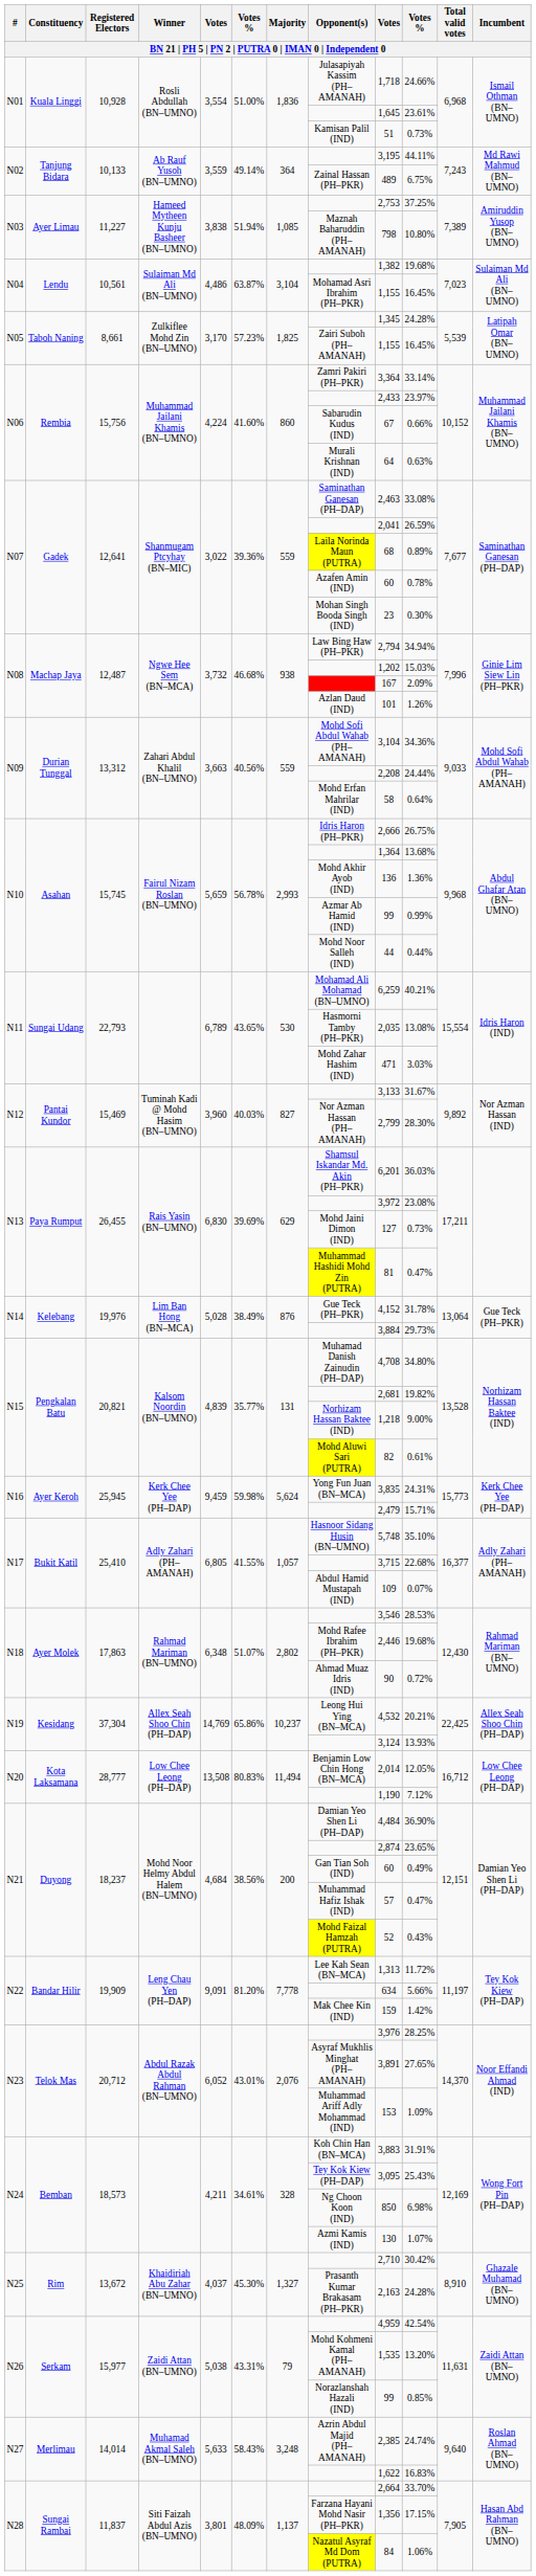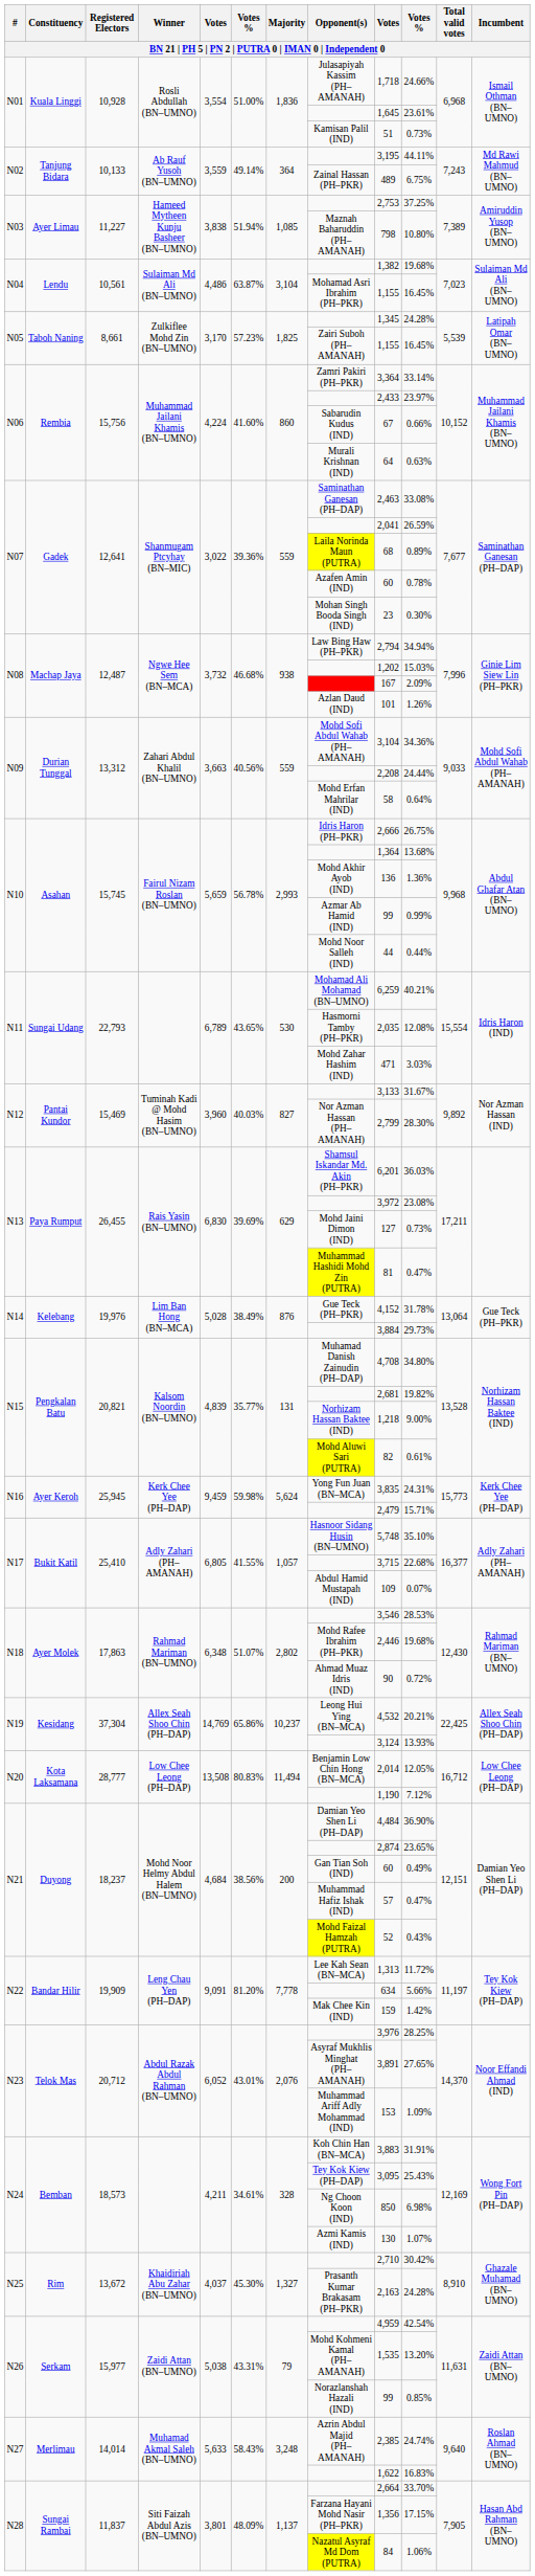 <table class="wikitable sortable" style">
 <tr>
 <th>#</th>
 <th>Constituency</th>
 <th>Registered Electors</th>
 <th>Winner</th>
 <th>Votes</th>
 <th>Votes %</th>
 <th>Majority</th>
 <th>Opponent(s)</th>
 <th>Votes</th>
 <th>Votes %</th>
 <th>Total valid votes</th>
 <th>Incumbent</th>
 </tr>
 <tr>
 <th colspan="14"><a href='#'>BN</a> <strong>21</strong> | <a href='#'>PH</a> <strong>5</strong> | <a href='#'>PN</a> <strong>2</strong> | <a href='#'>PUTRA</a> <strong>0</strong> | <a href='#'>IMAN</a> <strong>0</strong> | <a href='#'>Independent</a> <strong>0</strong></th>
 </tr>
 <tr align="center">
 <td rowspan=3>N01</td>
 <td rowspan=3><a href='#'>Kuala Linggi</a></td>
 <td rowspan=3>10,928</td>
 <td rowspan=3>Rosli Abdullah<br>(BN–UMNO)</td>
 <td rowspan=3>3,554</td>
 <td rowspan=3>51.00%</td>
 <td rowspan=3>1,836</td>
 <td>Julasapiyah Kassim<br>(PH–AMANAH)</td>
 <td>1,718</td>
 <td>24.66%</td>
 <td rowspan=3>6,968</td>
 <td rowspan=3><a href='#'>Ismail Othman</a><br>(BN–UMNO)</td>
 </tr>
 <tr align="center">
 <td></td>
 <td>1,645</td>
 <td>23.61%</td>
 </tr>
 <tr align="center">
 <td>Kamisan Palil<br>(IND)</td>
 <td>51</td>
 <td>0.73%</td>
 </tr>
 <tr align="center">
 <td rowspan=2>N02</td>
 <td rowspan=2><a href='#'>Tanjung Bidara</a></td>
 <td rowspan=2>10,133</td>
 <td rowspan=2><a href='#'>Ab Rauf Yusoh</a><br>(BN–UMNO)</td>
 <td rowspan=2>3,559</td>
 <td rowspan=2>49.14%</td>
 <td rowspan=2>364</td>
 <td><br></td>
 <td>3,195</td>
 <td>44.11%</td>
 <td rowspan=2>7,243</td>
 <td rowspan=2><a href='#'>Md Rawi Mahmud</a><br>(BN–UMNO)</td>
 </tr>
 <tr align="center">
 <td>Zainal Hassan<br>(PH–PKR)</td>
 <td>489</td>
 <td>6.75%</td>
 </tr>
 <tr align="center">
 <td rowspan=2>N03</td>
 <td rowspan=2><a href='#'>Ayer Limau</a></td>
 <td rowspan=2>11,227</td>
 <td rowspan=2><a href='#'>Hameed Mytheen Kunju Basheer</a><br>(BN–UMNO)</td>
 <td rowspan=2>3,838</td>
 <td rowspan=2>51.94%</td>
 <td rowspan=2>1,085</td>
 <td></td>
 <td>2,753</td>
 <td>37.25%</td>
 <td rowspan=2>7,389</td>
 <td rowspan=2><a href='#'>Amiruddin Yusop</a><br>(BN–UMNO)</td>
 </tr>
 <tr align="center">
 <td>Maznah Baharuddin<br>(PH–AMANAH)</td>
 <td>798</td>
 <td>10.80%</td>
 </tr>
 <tr align="center">
 <td rowspan=2>N04</td>
 <td rowspan=2><a href='#'>Lendu</a></td>
 <td rowspan=2>10,561</td>
 <td rowspan=2><a href='#'>Sulaiman Md Ali</a><br>(BN–UMNO)</td>
 <td rowspan=2>4,486</td>
 <td rowspan=2>63.87%</td>
 <td rowspan=2>3,104</td>
 <td></td>
 <td>1,382</td>
 <td>19.68%</td>
 <td rowspan=2>7,023</td>
 <td rowspan=2><a href='#'>Sulaiman Md Ali</a><br>(BN–UMNO)</td>
 </tr>
 <tr align="center">
 <td>Mohamad Asri Ibrahim<br>(PH–PKR)</td>
 <td>1,155</td>
 <td>16.45%</td>
 </tr>
 <tr align="center">
 <td rowspan=2>N05</td>
 <td rowspan=2><a href='#'>Taboh Naning</a></td>
 <td rowspan=2>8,661</td>
 <td rowspan=2>Zulkiflee Mohd Zin<br>(BN–UMNO)</td>
 <td rowspan=2>3,170</td>
 <td rowspan=2>57.23%</td>
 <td rowspan=2>1,825</td>
 <td></td>
 <td>1,345</td>
 <td>24.28%</td>
 <td rowspan=2>5,539</td>
 <td rowspan=2><a href='#'>Latipah Omar</a><br>(BN–UMNO)</td>
 </tr>
 <tr align="center">
 <td>Zairi Suboh<br>(PH–AMANAH)</td>
 <td>1,155</td>
 <td>16.45%</td>
 </tr>
 <tr align="center">
 <td rowspan=4>N06</td>
 <td rowspan=4><a href='#'>Rembia</a></td>
 <td rowspan=4>15,756</td>
 <td rowspan=4><a href='#'>Muhammad Jailani Khamis</a><br>(BN–UMNO)</td>
 <td rowspan=4>4,224</td>
 <td rowspan=4>41.60%</td>
 <td rowspan=4>860</td>
 <td>Zamri Pakiri<br>(PH–PKR)</td>
 <td>3,364</td>
 <td>33.14%</td>
 <td rowspan=4>10,152</td>
 <td rowspan=4><a href='#'>Muhammad Jailani Khamis</a><br>(BN–UMNO)</td>
 </tr>
 <tr align="center">
 <td></td>
 <td>2,433</td>
 <td>23.97%</td>
 </tr>
 <tr align="center">
 <td>Sabarudin Kudus<br>(IND)</td>
 <td>67</td>
 <td>0.66%</td>
 </tr>
 <tr align="center">
 <td>Murali Krishnan<br>(IND)</td>
 <td>64</td>
 <td>0.63%</td>
 </tr>
 <tr align="center">
 <td rowspan=5>N07</td>
 <td rowspan=5><a href='#'>Gadek</a></td>
 <td rowspan=5>12,641</td>
 <td rowspan=5><a href='#'>Shanmugam Ptcyhay</a><br>(BN–MIC)</td>
 <td rowspan=5>3,022</td>
 <td rowspan=5>39.36%</td>
 <td rowspan=5>559</td>
 <td><a href='#'>Saminathan Ganesan</a><br>(PH–DAP)</td>
 <td>2,463</td>
 <td>33.08%</td>
 <td rowspan=5>7,677</td>
 <td rowspan=5><a href='#'>Saminathan Ganesan</a><br>(PH–DAP)</td>
 </tr>
 <tr align="center">
 <td></td>
 <td>2,041</td>
 <td>26.59%</td>
 </tr>
 <tr align="center">
 <td bgcolor=yellow>Laila Norinda Maun<br>(PUTRA)</td>
 <td>68</td>
 <td>0.89%</td>
 </tr>
 <tr align="center">
 <td>Azafen Amin<br>(IND)</td>
 <td>60</td>
 <td>0.78%</td>
 </tr>
 <tr align="center">
 <td>Mohan Singh Booda Singh<br>(IND)</td>
 <td>23</td>
 <td>0.30%</td>
 </tr>
 <tr align="center">
 <td rowspan=4>N08</td>
 <td rowspan=4><a href='#'>Machap Jaya</a></td>
 <td rowspan=4>12,487</td>
 <td rowspan=4><a href='#'>Ngwe Hee Sem</a><br>(BN–MCA)</td>
 <td rowspan=4>3,732</td>
 <td rowspan=4>46.68%</td>
 <td rowspan=4>938</td>
 <td>Law Bing Haw<br>(PH–PKR)</td>
 <td>2,794</td>
 <td>34.94%</td>
 <td rowspan=4>7,996</td>
 <td rowspan=4><a href='#'>Ginie Lim Siew Lin</a><br>(PH–PKR)</td>
 </tr>
 <tr align="center">
 <td></td>
 <td>1,202</td>
 <td>15.03%</td>
 </tr>
 <tr align="center">
 <td bgcolor=red></td>
 <td>167</td>
 <td>2.09%</td>
 </tr>
 <tr align="center">
 <td>Azlan Daud<br>(IND)</td>
 <td>101</td>
 <td>1.26%</td>
 </tr>
 <tr align="center">
 <td rowspan=3>N09</td>
 <td rowspan=3><a href='#'>Durian Tunggal</a></td>
 <td rowspan=3>13,312</td>
 <td rowspan=3>Zahari Abdul Khalil<br>(BN–UMNO)</td>
 <td rowspan=3>3,663</td>
 <td rowspan=3>40.56%</td>
 <td rowspan=3>559</td>
 <td><a href='#'>Mohd Sofi Abdul Wahab</a><br>(PH–AMANAH)</td>
 <td>3,104</td>
 <td>34.36%</td>
 <td rowspan=3>9,033</td>
 <td rowspan=3><a href='#'>Mohd Sofi Abdul Wahab</a><br>(PH–AMANAH)</td>
 </tr>
 <tr align="center">
 <td></td>
 <td>2,208</td>
 <td>24.44%</td>
 </tr>
 <tr align="center">
 <td>Mohd Erfan Mahrilar<br>(IND)</td>
 <td>58</td>
 <td>0.64%</td>
 </tr>
 <tr align="center">
 <td rowspan=5>N10</td>
 <td rowspan=5><a href='#'>Asahan</a></td>
 <td rowspan=5>15,745</td>
 <td rowspan=5><a href='#'>Fairul Nizam Roslan</a><br>(BN–UMNO)</td>
 <td rowspan=5>5,659</td>
 <td rowspan=5>56.78%</td>
 <td rowspan=5>2,993</td>
 <td><a href='#'>Idris Haron</a><br>(PH–PKR)</td>
 <td>2,666</td>
 <td>26.75%</td>
 <td rowspan=5>9,968</td>
 <td rowspan=5><a href='#'>Abdul Ghafar Atan</a><br>(BN–UMNO)</td>
 </tr>
 <tr align="center">
 <td></td>
 <td>1,364</td>
 <td>13.68%</td>
 </tr>
 <tr align="center">
 <td>Mohd Akhir Ayob<br>(IND)</td>
 <td>136</td>
 <td>1.36%</td>
 </tr>
 <tr align="center">
 <td>Azmar Ab Hamid<br>(IND)</td>
 <td>99</td>
 <td>0.99%</td>
 </tr>
 <tr align="center">
 <td>Mohd Noor Salleh<br>(IND)</td>
 <td>44</td>
 <td>0.44%</td>
 </tr>
 <tr align="center">
 <td rowspan=3>N11</td>
 <td rowspan=3><a href='#'>Sungai Udang</a></td>
 <td rowspan=3>22,793</td>
 <td rowspan=3></td>
 <td rowspan=3>6,789</td>
 <td rowspan=3>43.65%</td>
 <td rowspan=3>530</td>
 <td><a href='#'>Mohamad Ali Mohamad</a><br>(BN–UMNO)</td>
 <td>6,259</td>
 <td>40.21%</td>
 <td rowspan=3>15,554</td>
 <td rowspan=3><a href='#'>Idris Haron</a><br>(IND)</td>
 </tr>
 <tr align="center">
 <td>Hasmorni Tamby<br>(PH–PKR)</td>
 <td>2,035</td>
-<td>13.08%</td>
+<td>12.08%</td>
 </tr>
 <tr align="center">
 <td>Mohd Zahar Hashim<br>(IND)</td>
 <td>471</td>
 <td>3.03%</td>
 </tr>
 <tr align="center">
 <td rowspan=2>N12</td>
 <td rowspan=2><a href='#'>Pantai Kundor</a></td>
 <td rowspan=2>15,469</td>
 <td rowspan=2>Tuminah Kadi @ Mohd Hasim<br>(BN–UMNO)</td>
 <td rowspan=2>3,960</td>
 <td rowspan=2>40.03%</td>
 <td rowspan=2>827</td>
 <td></td>
 <td>3,133</td>
 <td>31.67%</td>
 <td rowspan=2>9,892</td>
 <td rowspan=2>Nor Azman Hassan<br>(IND)</td>
 </tr>
 <tr align="center">
 <td>Nor Azman Hassan<br>(PH–AMANAH)</td>
 <td>2,799</td>
 <td>28.30%</td>
 </tr>
 <tr align="center">
 <td rowspan=4>N13</td>
 <td rowspan=4><a href='#'>Paya Rumput</a></td>
 <td rowspan=4>26,455</td>
 <td rowspan=4><a href='#'>Rais Yasin</a><br>(BN–UMNO)</td>
 <td rowspan=4>6,830</td>
 <td rowspan=4>39.69%</td>
 <td rowspan=4>629</td>
 <td><a href='#'>Shamsul Iskandar Md. Akin</a><br>(PH–PKR)</td>
 <td>6,201</td>
 <td>36.03%</td>
 <td rowspan=4>17,211</td>
 <td rowspan=4><br></td>
 </tr>
 <tr align="center">
 <td></td>
 <td>3,972</td>
 <td>23.08%</td>
 </tr>
 <tr align="center">
 <td>Mohd Jaini Dimon<br>(IND)</td>
 <td>127</td>
 <td>0.73%</td>
 </tr>
 <tr align="center">
 <td bgcolor=yellow>Muhammad Hashidi Mohd Zin<br>(PUTRA)</td>
 <td>81</td>
 <td>0.47%</td>
 </tr>
 <tr align="center">
 <td rowspan=2>N14</td>
 <td rowspan=2><a href='#'>Kelebang</a></td>
 <td rowspan=2>19,976</td>
 <td rowspan=2><a href='#'>Lim Ban Hong</a><br>(BN–MCA)</td>
 <td rowspan=2>5,028</td>
 <td rowspan=2>38.49%</td>
 <td rowspan=2>876</td>
 <td>Gue Teck<br>(PH–PKR)</td>
 <td>4,152</td>
 <td>31.78%</td>
 <td rowspan=2>13,064</td>
 <td rowspan=2>Gue Teck<br>(PH–PKR)</td>
 </tr>
 <tr align="center">
 <td></td>
 <td>3,884</td>
 <td>29.73%</td>
 </tr>
 <tr align="center">
 <td rowspan=4>N15</td>
 <td rowspan=4><a href='#'>Pengkalan Batu</a></td>
 <td rowspan=4>20,821</td>
 <td rowspan=4><a href='#'>Kalsom Noordin</a><br>(BN–UMNO)</td>
 <td rowspan=4>4,839</td>
 <td rowspan=4>35.77%</td>
 <td rowspan=4>131</td>
 <td>Muhamad Danish Zainudin<br>(PH–DAP)</td>
 <td>4,708</td>
 <td>34.80%</td>
 <td rowspan=4>13,528</td>
 <td rowspan=4><a href='#'>Norhizam Hassan Baktee</a><br>(IND)</td>
 </tr>
 <tr align="center">
 <td></td>
 <td>2,681</td>
 <td>19.82%</td>
 </tr>
 <tr align="center">
 <td><a href='#'>Norhizam Hassan Baktee</a><br>(IND)</td>
 <td>1,218</td>
 <td>9.00%</td>
 </tr>
 <tr align="center">
 <td bgcolor=yellow>Mohd Aluwi Sari<br>(PUTRA)</td>
 <td>82</td>
 <td>0.61%</td>
 </tr>
 <tr align="center">
 <td rowspan=2>N16</td>
 <td rowspan=2><a href='#'>Ayer Keroh</a></td>
 <td rowspan=2>25,945</td>
 <td rowspan=2><a href='#'>Kerk Chee Yee</a><br>(PH–DAP)</td>
 <td rowspan=2>9,459</td>
 <td rowspan=2>59.98%</td>
 <td rowspan=2>5,624</td>
 <td>Yong Fun Juan<br>(BN–MCA)</td>
 <td>3,835</td>
 <td>24.31%</td>
 <td rowspan=2>15,773</td>
 <td rowspan=2><a href='#'>Kerk Chee Yee</a><br>(PH–DAP)</td>
 </tr>
 <tr align="center">
 <td></td>
 <td>2,479</td>
 <td>15.71%</td>
 </tr>
 <tr align="center">
 <td rowspan=3>N17</td>
 <td rowspan=3><a href='#'>Bukit Katil</a></td>
 <td rowspan=3>25,410</td>
 <td rowspan=3><a href='#'>Adly Zahari</a><br>(PH–AMANAH)</td>
 <td rowspan=3>6,805</td>
 <td rowspan=3>41.55%</td>
 <td rowspan=3>1,057</td>
 <td><a href='#'>Hasnoor Sidang Husin</a><br>(BN–UMNO)</td>
 <td>5,748</td>
 <td>35.10%</td>
 <td rowspan=3>16,377</td>
 <td rowspan=3><a href='#'>Adly Zahari</a><br>(PH–AMANAH)</td>
 </tr>
 <tr align="center">
 <td></td>
 <td>3,715</td>
 <td>22.68%</td>
 </tr>
 <tr align="center">
 <td>Abdul Hamid Mustapah<br>(IND)</td>
 <td>109</td>
 <td>0.07%</td>
 </tr>
 <tr align="center">
 <td rowspan=3>N18</td>
 <td rowspan=3><a href='#'>Ayer Molek</a></td>
 <td rowspan=3>17,863</td>
 <td rowspan=3><a href='#'>Rahmad Mariman</a><br>(BN–UMNO)</td>
 <td rowspan=3>6,348</td>
 <td rowspan=3>51.07%</td>
 <td rowspan=3>2,802</td>
 <td></td>
 <td>3,546</td>
 <td>28.53%</td>
 <td rowspan=3>12,430</td>
 <td rowspan=3><a href='#'>Rahmad Mariman</a><br>(BN–UMNO)</td>
 </tr>
 <tr align="center">
 <td>Mohd Rafee Ibrahim<br>(PH–PKR)</td>
 <td>2,446</td>
 <td>19.68%</td>
 </tr>
 <tr align="center">
 <td>Ahmad Muaz Idris<br>(IND)</td>
 <td>90</td>
 <td>0.72%</td>
 </tr>
 <tr align="center">
 <td rowspan=2>N19</td>
 <td rowspan=2><a href='#'>Kesidang</a></td>
 <td rowspan=2>37,304</td>
 <td rowspan=2><a href='#'>Allex Seah Shoo Chin</a><br>(PH–DAP)</td>
 <td rowspan=2>14,769</td>
 <td rowspan=2>65.86%</td>
 <td rowspan=2>10,237</td>
 <td>Leong Hui Ying<br>(BN–MCA)</td>
 <td>4,532</td>
 <td>20.21%</td>
 <td rowspan=2>22,425</td>
 <td rowspan=2><a href='#'>Allex Seah Shoo Chin</a><br>(PH–DAP)</td>
 </tr>
 <tr align="center">
 <td></td>
 <td>3,124</td>
 <td>13.93%</td>
 </tr>
 <tr align="center">
 <td rowspan=2>N20</td>
 <td rowspan=2><a href='#'>Kota Laksamana</a></td>
 <td rowspan=2>28,777</td>
 <td rowspan=2><a href='#'>Low Chee Leong</a><br>(PH–DAP)</td>
 <td rowspan=2>13,508</td>
 <td rowspan=2>80.83%</td>
 <td rowspan=2>11,494</td>
 <td>Benjamin Low Chin Hong<br>(BN–MCA)</td>
 <td>2,014</td>
 <td>12.05%</td>
 <td rowspan=2>16,712</td>
 <td rowspan=2><a href='#'>Low Chee Leong</a><br>(PH–DAP)</td>
 </tr>
 <tr align="center">
 <td></td>
 <td>1,190</td>
 <td>7.12%</td>
 </tr>
 <tr align="center">
 <td rowspan=5>N21</td>
 <td rowspan=5><a href='#'>Duyong</a></td>
 <td rowspan=5>18,237</td>
 <td rowspan=5>Mohd Noor Helmy Abdul Halem<br>(BN–UMNO)</td>
 <td rowspan=5>4,684</td>
 <td rowspan=5>38.56%</td>
 <td rowspan=5>200</td>
 <td>Damian Yeo Shen Li<br>(PH–DAP)</td>
 <td>4,484</td>
 <td>36.90%</td>
 <td rowspan=5>12,151</td>
 <td rowspan=5>Damian Yeo Shen Li<br>(PH–DAP)</td>
 </tr>
 <tr align="center">
 <td></td>
 <td>2,874</td>
 <td>23.65%</td>
 </tr>
 <tr align="center">
 <td>Gan Tian Soh<br>(IND)</td>
 <td>60</td>
 <td>0.49%</td>
 </tr>
 <tr align="center">
 <td>Muhammad Hafiz Ishak<br>(IND)</td>
 <td>57</td>
 <td>0.47%</td>
 </tr>
 <tr align="center">
 <td bgcolor=yellow>Mohd Faizal Hamzah<br>(PUTRA)</td>
 <td>52</td>
 <td>0.43%</td>
 </tr>
 <tr align="center">
 <td rowspan=3>N22</td>
 <td rowspan=3><a href='#'>Bandar Hilir</a></td>
 <td rowspan=3>19,909</td>
 <td rowspan=3><a href='#'>Leng Chau Yen</a><br>(PH–DAP)</td>
 <td rowspan=3>9,091</td>
 <td rowspan=3>81.20%</td>
 <td rowspan=3>7,778</td>
 <td>Lee Kah Sean<br>(BN–MCA)</td>
 <td>1,313</td>
 <td>11.72%</td>
 <td rowspan=3>11,197</td>
 <td rowspan=3><a href='#'>Tey Kok Kiew</a><br>(PH–DAP)</td>
 </tr>
 <tr align="center">
 <td></td>
 <td>634</td>
 <td>5.66%</td>
 </tr>
 <tr align="center">
 <td>Mak Chee Kin<br>(IND)</td>
 <td>159</td>
 <td>1.42%</td>
 </tr>
 <tr align="center">
 <td rowspan=3>N23</td>
 <td rowspan=3><a href='#'>Telok Mas</a></td>
 <td rowspan=3>20,712</td>
 <td rowspan=3><a href='#'>Abdul Razak Abdul Rahman</a><br>(BN–UMNO)</td>
 <td rowspan=3>6,052</td>
 <td rowspan=3>43.01%</td>
 <td rowspan=3>2,076</td>
 <td><br></td>
 <td>3,976</td>
 <td>28.25%</td>
 <td rowspan=3>14,370</td>
 <td rowspan=3><a href='#'>Noor Effandi Ahmad</a><br>(IND)</td>
 </tr>
 <tr align="center">
 <td>Asyraf Mukhlis Minghat<br>(PH–AMANAH)</td>
 <td>3,891</td>
 <td>27.65%</td>
 </tr>
 <tr align="center">
 <td>Muhammad Ariff Adly Mohammad<br>(IND)</td>
 <td>153</td>
 <td>1.09%</td>
 </tr>
 <tr align="center">
 <td rowspan=4>N24</td>
 <td rowspan=4><a href='#'>Bemban</a></td>
 <td rowspan=4>18,573</td>
 <td rowspan=4><br></td>
 <td rowspan=4>4,211</td>
 <td rowspan=4>34.61%</td>
 <td rowspan=4>328</td>
 <td>Koh Chin Han<br>(BN–MCA)</td>
 <td>3,883</td>
 <td>31.91%</td>
 <td rowspan=4>12,169</td>
 <td rowspan=4><a href='#'>Wong Fort Pin</a><br>(PH–DAP)</td>
 </tr>
 <tr align="center">
 <td><a href='#'>Tey Kok Kiew</a><br>(PH–DAP)</td>
 <td>3,095</td>
 <td>25.43%</td>
 </tr>
 <tr align="center">
 <td>Ng Choon Koon<br>(IND)</td>
 <td>850</td>
 <td>6.98%</td>
 </tr>
 <tr align="center">
 <td>Azmi Kamis<br>(IND)</td>
 <td>130</td>
 <td>1.07%</td>
 </tr>
 <tr align="center">
 <td rowspan=2>N25</td>
 <td rowspan=2><a href='#'>Rim</a></td>
 <td rowspan=2>13,672</td>
 <td rowspan=2><a href='#'>Khaidiriah Abu Zahar</a><br>(BN–UMNO)</td>
 <td rowspan=2>4,037</td>
 <td rowspan=2>45.30%</td>
 <td rowspan=2>1,327</td>
 <td></td>
 <td>2,710</td>
 <td>30.42%</td>
 <td rowspan=2>8,910</td>
 <td rowspan=2><a href='#'>Ghazale Muhamad</a><br>(BN–UMNO)</td>
 </tr>
 <tr align="center">
 <td>Prasanth Kumar Brakasam<br>(PH–PKR)</td>
 <td>2,163</td>
 <td>24.28%</td>
 </tr>
 <tr align="center">
 <td rowspan=3>N26</td>
 <td rowspan=3><a href='#'>Serkam</a></td>
 <td rowspan=3>15,977</td>
 <td rowspan=3><a href='#'>Zaidi Attan</a><br>(BN–UMNO)</td>
 <td rowspan=3>5,038</td>
 <td rowspan=3>43.31%</td>
 <td rowspan=3>79</td>
 <td></td>
 <td>4,959</td>
 <td>42.54%</td>
 <td rowspan=3>11,631</td>
 <td rowspan=3><a href='#'>Zaidi Attan</a><br>(BN–UMNO)</td>
 </tr>
 <tr align="center">
 <td>Mohd Kohmeni Kamal<br>(PH–AMANAH)</td>
 <td>1,535</td>
 <td>13.20%</td>
 </tr>
 <tr align="center">
 <td>Norazlanshah Hazali<br>(IND)</td>
 <td>99</td>
 <td>0.85%</td>
 </tr>
 <tr align="center">
 <td rowspan=2>N27</td>
 <td rowspan=2><a href='#'>Merlimau</a></td>
 <td rowspan=2>14,014</td>
 <td rowspan=2><a href='#'>Muhamad Akmal Saleh</a><br>(BN–UMNO)</td>
 <td rowspan=2>5,633</td>
 <td rowspan=2>58.43%</td>
 <td rowspan=2>3,248</td>
 <td>Azrin Abdul Majid<br>(PH–AMANAH)</td>
 <td>2,385</td>
 <td>24.74%</td>
 <td rowspan=2>9,640</td>
 <td rowspan=2><a href='#'>Roslan Ahmad</a><br>(BN–UMNO)</td>
 </tr>
 <tr align="center">
 <td></td>
 <td>1,622</td>
 <td>16.83%</td>
 </tr>
 <tr align="center">
 <td rowspan=3>N28</td>
 <td rowspan=3><a href='#'>Sungai Rambai</a></td>
 <td rowspan=3>11,837</td>
 <td rowspan=3>Siti Faizah Abdul Azis<br>(BN–UMNO)</td>
 <td rowspan=3>3,801</td>
 <td rowspan=3>48.09%</td>
 <td rowspan=3>1,137</td>
 <td></td>
 <td>2,664</td>
 <td>33.70%</td>
 <td rowspan=3>7,905</td>
 <td rowspan=3><a href='#'>Hasan Abd Rahman</a><br>(BN–UMNO)</td>
 </tr>
 <tr align="center">
 <td>Farzana Hayani Mohd Nasir<br>(PH–PKR)</td>
 <td>1,356</td>
 <td>17.15%</td>
 </tr>
 <tr align="center">
 <td bgcolor=yellow>Nazatul Asyraf Md Dom<br>(PUTRA)</td>
 <td>84</td>
 <td>1.06%</td>
 </tr>
 </table>
